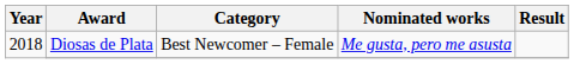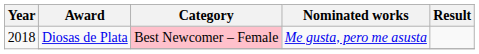 <table class="wikitable plainrowheaders">
 <tr>
 <th scope="col">Year</th>
 <th scope="col">Award</th>
 <th scope="col">Category</th>
 <th scope="col">Nominated works</th>
 <th scope="col">Result</th>
 </tr>
 <tr>
 <td rowspan="10">2018</td>
 <td rowspan="1"><a href='#'>Diosas de Plata</a></td>
-<td>Best Newcomer – Female</td>
+<td style="background: pink;">Best Newcomer – Female</td>
 <td><em><a href='#'>Me gusta, pero me asusta</a></em></td>
 <td></td>
 </tr>
 <tr>
 </tr>
 </table>
